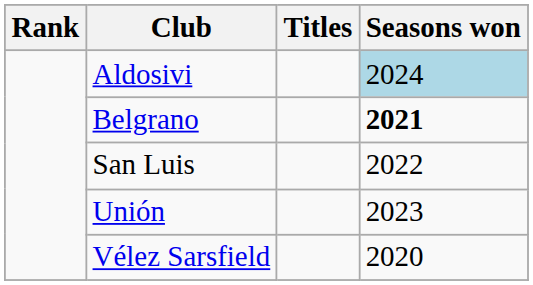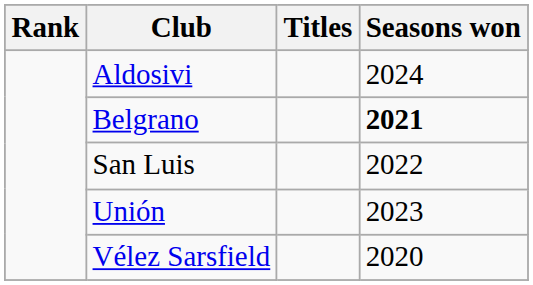 <table class="wikitable sortable plainrowheaders">
 <tr>
 <th>Rank</th>
 <th scope=col>Club</th>
 <th scope=col>Titles</th>
 <th scope=col>Seasons won</th>
 </tr>
 <tr>
 <td rowspan="5"></td>
 <td><a href='#'>Aldosivi</a></td>
 <td></td>
-<td style="background: lightblue;">2024</td>
+<td>2024</td>
 </tr>
 <tr>
 <td><a href='#'>Belgrano</a></td>
 <td></td>
 <td><strong>2021</strong></td>
 </tr>
 <tr>
 <td>San Luis</td>
 <td></td>
 <td>2022</td>
 </tr>
 <tr>
 <td><a href='#'>Unión</a></td>
 <td></td>
 <td>2023</td>
 </tr>
 <tr>
 <td><a href='#'>Vélez Sarsfield</a></td>
 <td></td>
 <td>2020</td>
 </tr>
 </table>
